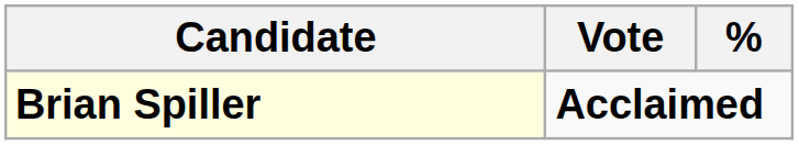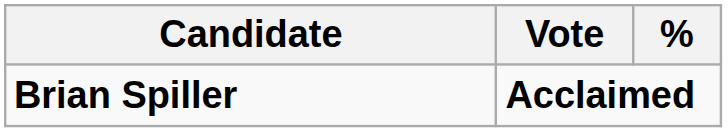 <table class="wikitable">
 <tr>
 <th bgcolor="#DDDDFF" width="200px">Candidate</th>
 <th bgcolor="#DDDDFF" width="50px">Vote</th>
 <th bgcolor="#DDDDFF" width="30px">%</th>
 </tr>
 <tr>
-<td style="background: lightyellow;"><strong>Brian Spiller</strong></td>
+<td><strong>Brian Spiller</strong></td>
 <td colspan="2"><strong>Acclaimed</strong></td>
 </tr>
 </table>
